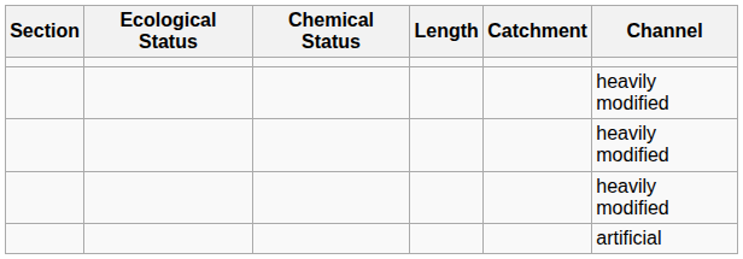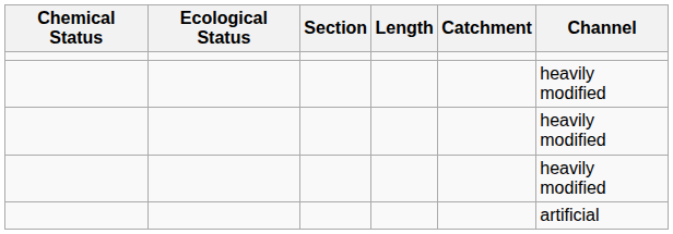 <table class="wikitable">
 <tr>
+<th>Chemical Status</th>
+<th>Ecological Status</th>
 <th>Section</th>
-<th>Ecological Status</th>
-<th>Chemical Status</th>
 <th>Length</th>
 <th>Catchment</th>
 <th>Channel</th>
 </tr>
 <tr>
 <td></td>
 <td></td>
 <td></td>
 <td></td>
 <td></td>
 <td></td>
 </tr>
 <tr>
 <td></td>
 <td></td>
 <td></td>
 <td></td>
 <td></td>
 <td>heavily modified</td>
 </tr>
 <tr>
 <td></td>
 <td></td>
 <td></td>
 <td></td>
 <td></td>
 <td>heavily modified</td>
 </tr>
 <tr>
 <td></td>
 <td></td>
 <td></td>
 <td></td>
 <td></td>
 <td>heavily modified</td>
 </tr>
 <tr>
 <td></td>
 <td></td>
 <td></td>
 <td></td>
 <td></td>
 <td>artificial</td>
 </tr>
 </table>
